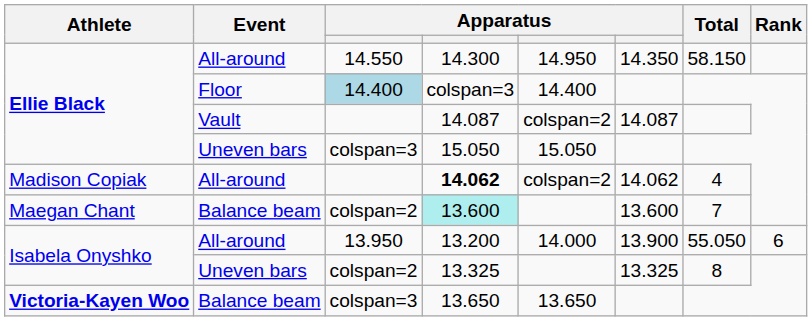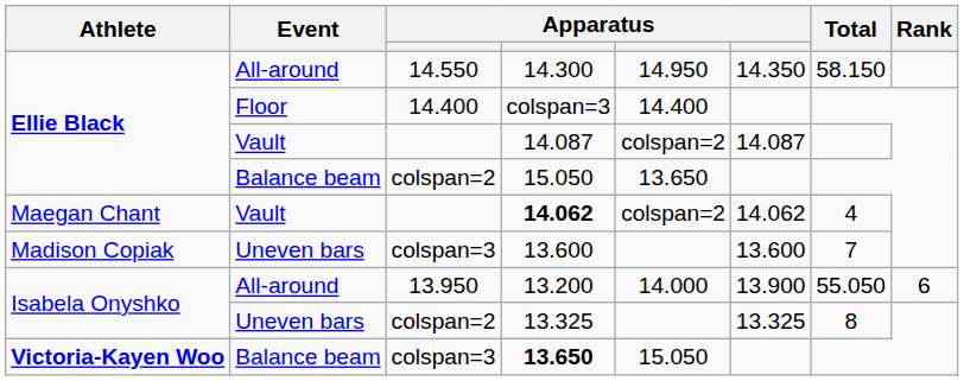 <table class="wikitable" style="font-size:90%">
 <tr>
 <th rowspan=2>Athlete</th>
 <th rowspan=2>Event</th>
 <th colspan=4>Apparatus</th>
 <th rowspan=2>Total</th>
 <th rowspan=2>Rank</th>
 </tr>
 <tr style="font-size:95%">
 <th></th>
 <th></th>
 <th></th>
 <th></th>
 </tr>
 <tr align=center>
 <td align=left rowspan=4><strong><a href='#'>Ellie Black</a></strong></td>
 <td align=left><a href='#'>All-around</a></td>
 <td>14.550</td>
 <td>14.300</td>
 <td>14.950</td>
 <td>14.350</td>
 <td>58.150</td>
 <td></td>
 </tr>
 <tr align=center>
 <td align=left><a href='#'>Floor</a></td>
-<td style="background: lightblue;">14.400</td>
+<td>14.400</td>
 <td>colspan=3 </td>
 <td>14.400</td>
 <td></td>
 </tr>
 <tr align=center>
 <td align=left><a href='#'>Vault</a></td>
 <td></td>
 <td>14.087</td>
 <td>colspan=2 </td>
 <td>14.087</td>
 <td></td>
 </tr>
 <tr align=center>
-<td align=left><a href='#'>Uneven bars</a></td>
-<td>colspan=3 </td>
+<td align=left><a href='#'>Balance beam</a></td>
+<td>colspan=2 </td>
 <td>15.050</td>
-<td>15.050</td>
+<td>13.650</td>
 <td></td>
 </tr>
 <tr align=center>
-<td align=left><a href='#'>Madison Copiak</a></td>
-<td align=left><a href='#'>All-around</a></td>
+<td align=left><a href='#'>Maegan Chant</a></td>
+<td align=left><a href='#'>Vault</a></td>
 <td></td>
 <td><strong>14.062</strong></td>
 <td>colspan=2 </td>
 <td>14.062</td>
 <td>4</td>
 </tr>
 <tr align=center>
-<td align=left><a href='#'>Maegan Chant</a></td>
-<td align=left><a href='#'>Balance beam</a></td>
-<td>colspan=2 </td>
-<td style="background: paleturquoise;">13.600</td>
+<td align=left><a href='#'>Madison Copiak</a></td>
+<td align=left><a href='#'>Uneven bars</a></td>
+<td>colspan=3 </td>
+<td>13.600</td>
 <td></td>
 <td>13.600</td>
 <td>7</td>
 </tr>
 <tr align=center>
 <td align=left rowspan=2><a href='#'>Isabela Onyshko</a></td>
 <td align=left><a href='#'>All-around</a></td>
 <td>13.950</td>
 <td>13.200</td>
 <td>14.000</td>
 <td>13.900</td>
 <td>55.050</td>
 <td>6</td>
 </tr>
 <tr align=center>
 <td align=left><a href='#'>Uneven bars</a></td>
 <td>colspan=2 </td>
 <td>13.325</td>
 <td></td>
 <td>13.325</td>
 <td>8</td>
 </tr>
 <tr align=center>
 <td align=left><strong><a href='#'>Victoria-Kayen Woo</a></strong></td>
 <td align=left><a href='#'>Balance beam</a></td>
 <td>colspan=3 </td>
-<td>13.650</td>
-<td>13.650</td>
+<td><strong>13.650</strong></td>
+<td>15.050</td>
 <td></td>
 </tr>
 </table>
